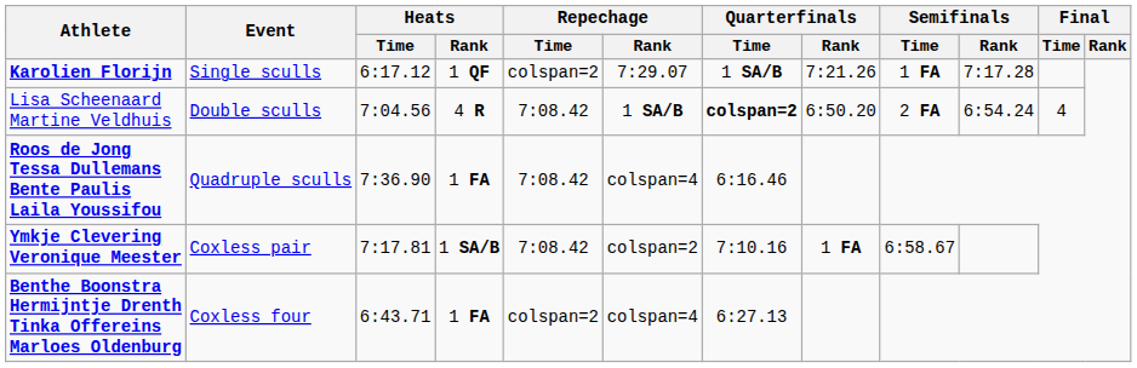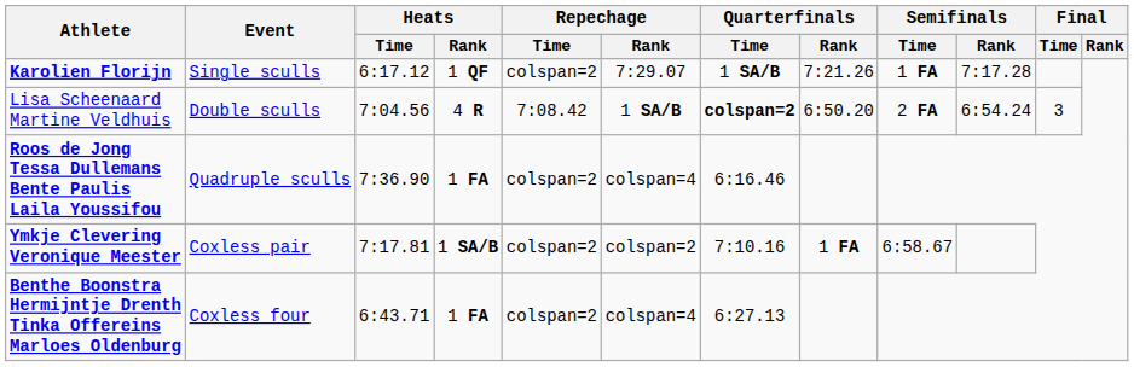 <table class=wikitable style=font-size:90%;text-align:center>
 <tr>
 <th rowspan=2>Athlete</th>
 <th rowspan=2>Event</th>
 <th colspan=2>Heats</th>
 <th colspan=2>Repechage</th>
 <th colspan=2>Quarterfinals</th>
 <th colspan=2>Semifinals</th>
 <th colspan=2>Final</th>
 </tr>
 <tr style=font-size:95%>
 <th>Time</th>
 <th>Rank</th>
 <th>Time</th>
 <th>Rank</th>
 <th>Time</th>
 <th>Rank</th>
 <th>Time</th>
 <th>Rank</th>
 <th>Time</th>
 <th>Rank</th>
 </tr>
 <tr>
 <td align=left><strong><a href='#'>Karolien Florijn</a></strong></td>
 <td align=left><a href='#'>Single sculls</a></td>
 <td>6:17.12</td>
 <td>1 <strong>QF</strong></td>
 <td>colspan=2 </td>
 <td>7:29.07</td>
 <td>1 <strong>SA/B</strong></td>
 <td>7:21.26</td>
 <td>1 <strong>FA</strong></td>
 <td>7:17.28</td>
 <td></td>
 </tr>
 <tr>
 <td align=left><a href='#'>Lisa Scheenaard</a><br><a href='#'>Martine Veldhuis</a></td>
 <td align=left><a href='#'>Double sculls</a></td>
 <td>7:04.56</td>
 <td>4 <strong>R</strong></td>
 <td>7:08.42</td>
 <td>1 <strong>SA/B</strong></td>
 <td><strong>colspan=2 </strong></td>
 <td>6:50.20</td>
 <td>2 <strong>FA</strong></td>
 <td>6:54.24</td>
-<td>4</td>
+<td>3</td>
 </tr>
 <tr>
 <td align=left><strong><a href='#'>Roos de Jong</a><br><a href='#'>Tessa Dullemans</a><br><a href='#'>Bente Paulis</a><br><a href='#'>Laila Youssifou</a></strong></td>
 <td align=left><a href='#'>Quadruple sculls</a></td>
 <td>7:36.90</td>
 <td>1 <strong>FA</strong></td>
-<td>7:08.42</td>
+<td>colspan=2 </td>
 <td>colspan=4 </td>
 <td>6:16.46</td>
 <td></td>
 </tr>
 <tr>
 <td align=left><strong><a href='#'>Ymkje Clevering</a><br><a href='#'>Veronique Meester</a></strong></td>
 <td align=left><a href='#'>Coxless pair</a></td>
 <td>7:17.81</td>
 <td>1 <strong>SA/B</strong></td>
-<td>7:08.42</td>
+<td>colspan=2 </td>
 <td>colspan=2 </td>
 <td>7:10.16</td>
 <td>1 <strong>FA</strong></td>
 <td>6:58.67</td>
 <td></td>
 </tr>
 <tr>
 <td align=left><strong><a href='#'>Benthe Boonstra</a><br><a href='#'>Hermijntje Drenth</a><br><a href='#'>Tinka Offereins</a><br><a href='#'>Marloes Oldenburg</a></strong></td>
 <td align=left><a href='#'>Coxless four</a></td>
 <td>6:43.71</td>
 <td>1 <strong>FA</strong></td>
 <td>colspan=2 </td>
 <td>colspan=4 </td>
 <td>6:27.13</td>
 <td></td>
 </tr>
 </table>
